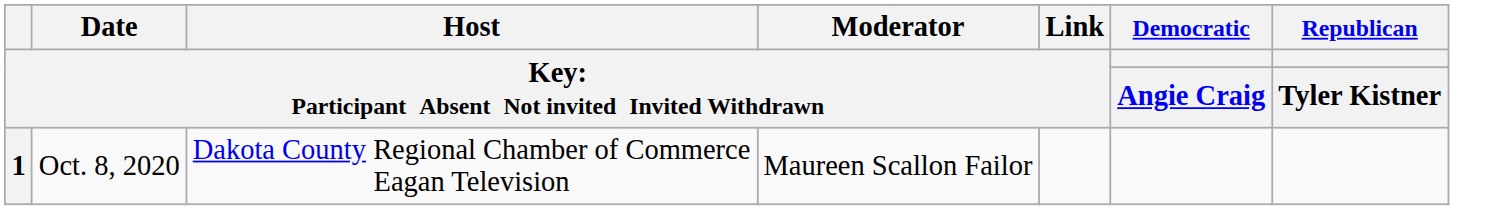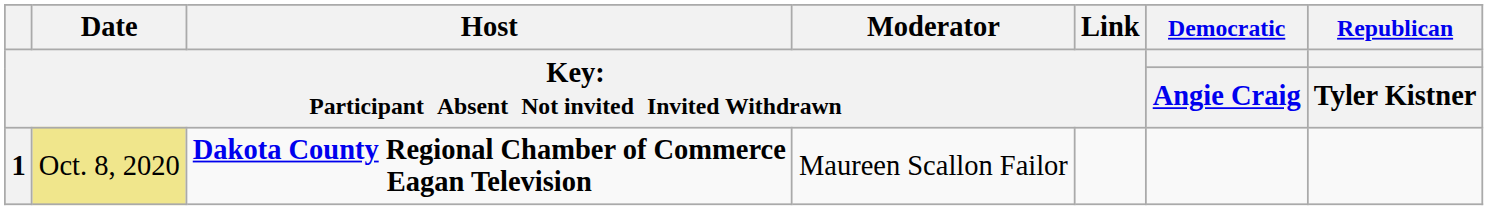 <table class="wikitable" style="text-align:center;">
 <tr>
 <th scope="col"></th>
 <th scope="col">Date</th>
 <th scope="col">Host</th>
 <th scope="col">Moderator</th>
 <th scope="col">Link</th>
 <th scope="col"><small><a href='#'>Democratic</a></small></th>
 <th scope="col"><small><a href='#'>Republican</a></small></th>
 </tr>
 <tr>
 <th colspan="5" rowspan="2">Key:<br> <small>Participant </small>  <small>Absent </small>  <small>Not invited </small>  <small>Invited  Withdrawn</small></th>
 <th scope="col" style="background:"></th>
 <th scope="col" style="background:"></th>
 </tr>
 <tr>
 <th scope="col"><a href='#'>Angie Craig</a></th>
 <th scope="col">Tyler Kistner</th>
 </tr>
 <tr>
 <th>1</th>
-<td style="white-space:nowrap;">Oct. 8, 2020</td>
-<td style="white-space:nowrap;"><a href='#'>Dakota County</a> Regional Chamber of Commerce<br>Eagan Television</td>
+<td style="background: khaki; white-space:nowrap;">Oct. 8, 2020</td>
+<td style="white-space:nowrap;"><strong><a href='#'>Dakota County</a> Regional Chamber of Commerce<br>Eagan Television</strong></td>
 <td style="white-space:nowrap;">Maureen Scallon Failor</td>
 <td style="white-space:nowrap;"></td>
 <td></td>
 <td></td>
 </tr>
 </table>
